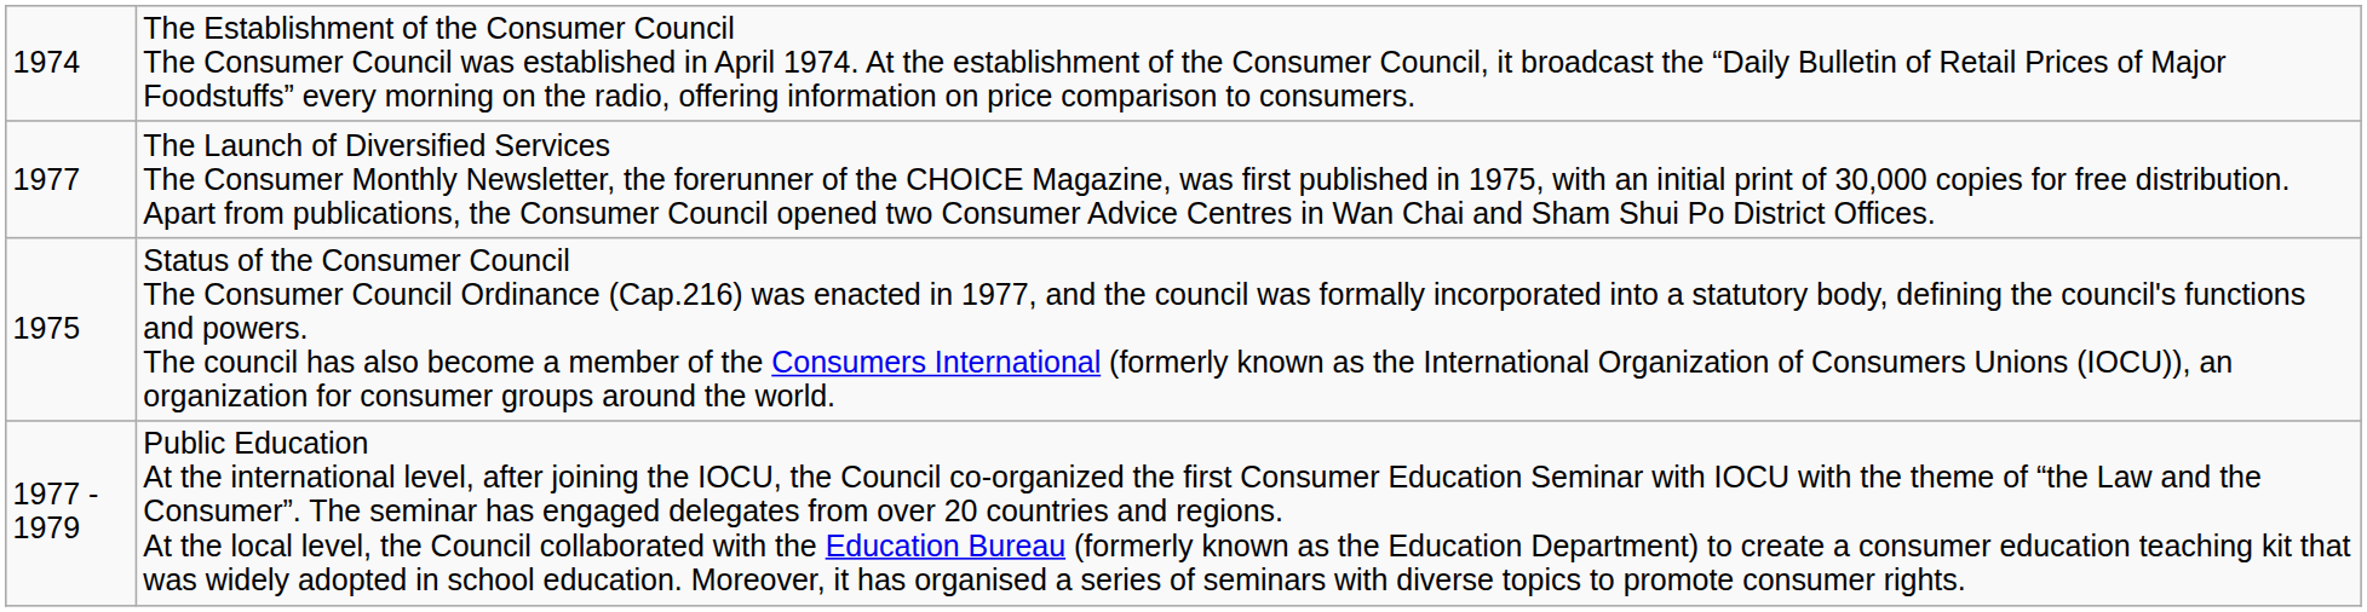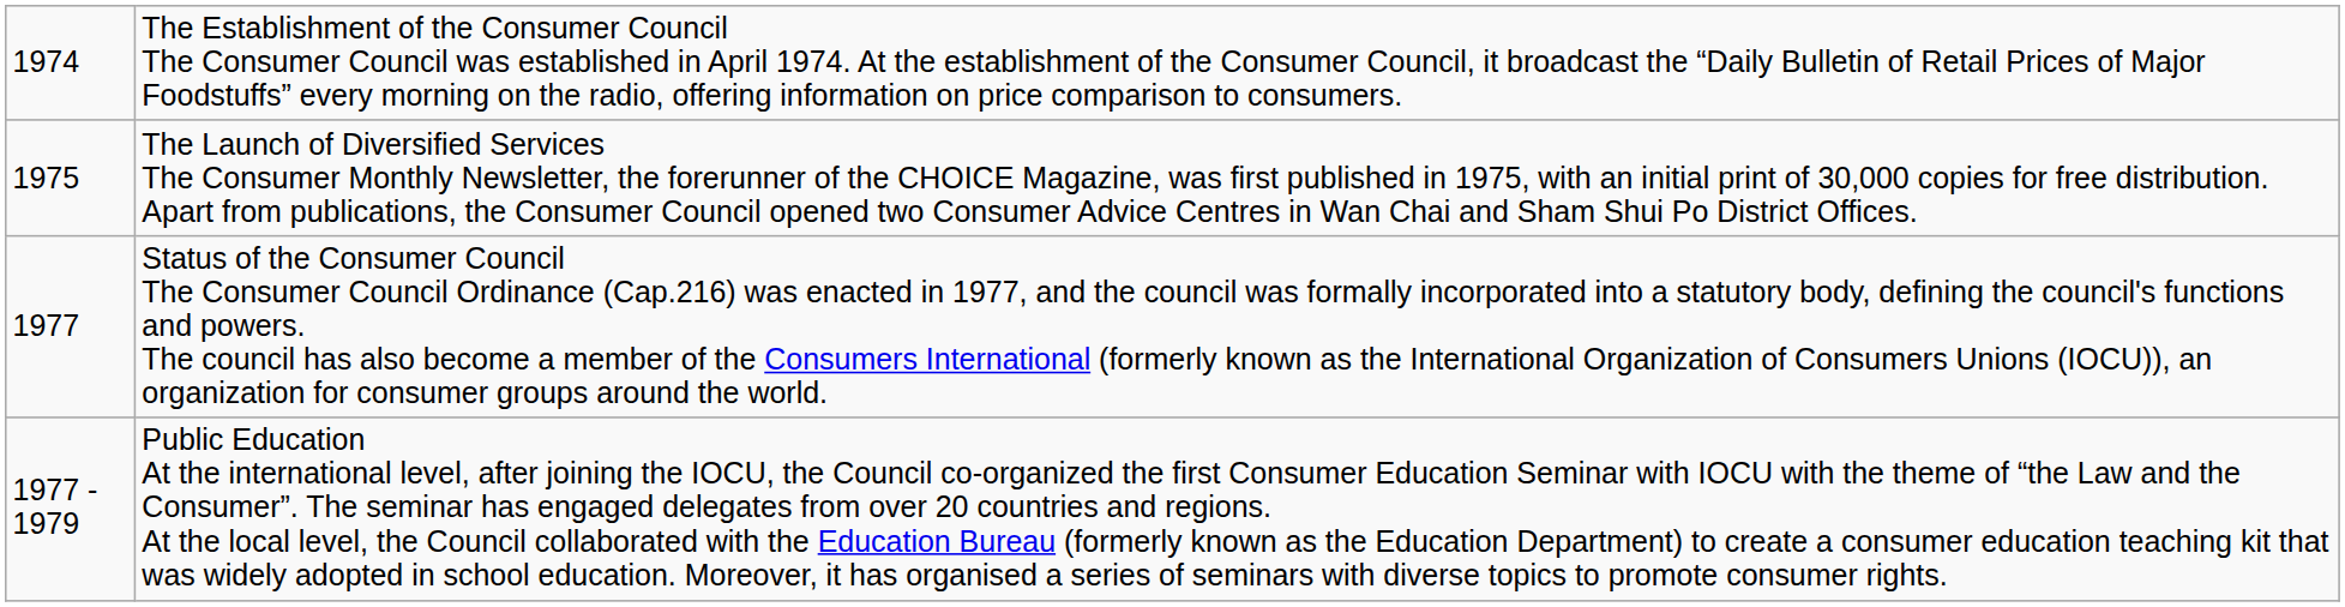 <table class="wikitable">
 <tr>
 <td>1974</td>
 <td>The Establishment of the Consumer Council<br>The Consumer Council was established in April 1974. At the establishment of the Consumer Council, it broadcast the “Daily Bulletin of Retail Prices of Major Foodstuffs” every morning on the radio, offering information on price comparison to consumers.</td>
 </tr>
 <tr>
-<td>1977</td>
+<td>1975</td>
 <td>The Launch of Diversified Services<br>The Consumer Monthly Newsletter, the forerunner of the CHOICE Magazine, was first published in 1975, with an initial print of 30,000 copies for free distribution.<br>Apart from publications, the Consumer Council opened two Consumer Advice Centres in Wan Chai and Sham Shui Po District Offices.</td>
 </tr>
 <tr>
-<td>1975</td>
+<td>1977</td>
 <td>Status of the Consumer Council<br>The Consumer Council Ordinance (Cap.216) was enacted in 1977, and the council was formally incorporated into a statutory body, defining the council's functions and powers.<br>The council has also become a member of the <a href='#'>Consumers International</a> (formerly known as the International Organization of Consumers Unions (IOCU)), an organization for consumer groups around the world.</td>
 </tr>
 <tr>
 <td>1977 - 1979</td>
 <td>Public Education<br>At the international level, after joining the IOCU, the Council co-organized the first Consumer Education Seminar with IOCU with the theme of “the Law and the Consumer”. The seminar has engaged delegates from over 20 countries and regions.<br>At the local level, the Council collaborated with the <a href='#'>Education Bureau</a> (formerly known as the Education Department) to create a consumer education teaching kit that was widely adopted in school education. Moreover, it has organised a series of seminars with diverse topics to promote consumer rights.</td>
 </tr>
 </table>
